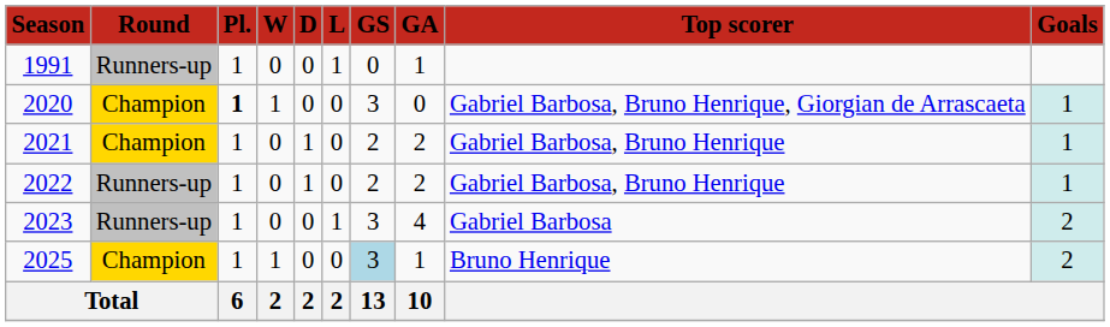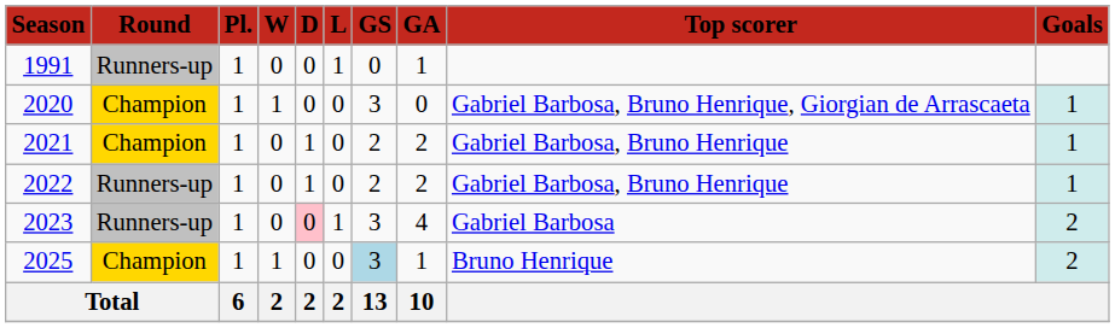 <table class="wikitable">
 <tr style="background:#C3281E; text-align:center;">
 <td><span><strong>Season</strong></span></td>
 <td><span><strong>Round</strong></span></td>
 <td><span><strong>Pl.</strong></span></td>
 <td><span><strong>W</strong></span></td>
 <td><span><strong>D</strong></span></td>
 <td><span><strong>L</strong></span></td>
 <td><span><strong>GS</strong></span></td>
 <td><span><strong>GA</strong></span></td>
 <td><span><strong>Top scorer</strong></span></td>
 <td><span><strong>Goals</strong></span></td>
 </tr>
 <tr>
 <td align=center><a href='#'>1991</a></td>
 <td align=center bgcolor="silver">Runners-up</td>
 <td align=center>1</td>
 <td align=center>0</td>
 <td align=center>0</td>
 <td align=center>1</td>
 <td align=center>0</td>
 <td align=center>1</td>
 <td align=left></td>
 <td align=center></td>
 </tr>
 <tr>
 <td align=center><a href='#'>2020</a></td>
 <td align=center bgcolor="Gold">Champion</td>
-<td align=center><strong>1</strong></td>
+<td align=center>1</td>
 <td align=center>1</td>
 <td align=center>0</td>
 <td align=center>0</td>
 <td align=center>3</td>
 <td align=center>0</td>
 <td align=left> <a href='#'>Gabriel Barbosa</a>,  <a href='#'>Bruno Henrique</a>,  <a href='#'>Giorgian de Arrascaeta</a></td>
 <td align=center bgcolor="#cfecec">1</td>
 </tr>
 <tr>
 <td align=center><a href='#'>2021</a></td>
 <td align=center bgcolor="Gold">Champion</td>
 <td align=center>1</td>
 <td align=center>0</td>
 <td align=center>1</td>
 <td align=center>0</td>
 <td align=center>2</td>
 <td align=center>2</td>
 <td align=left> <a href='#'>Gabriel Barbosa</a>,  <a href='#'>Bruno Henrique</a></td>
 <td align=center bgcolor="#cfecec">1</td>
 </tr>
 <tr>
 <td align=center><a href='#'>2022</a></td>
 <td align=center bgcolor="Silver">Runners-up</td>
 <td align=center>1</td>
 <td align=center>0</td>
 <td align=center>1</td>
 <td align=center>0</td>
 <td align=center>2</td>
 <td align=center>2</td>
 <td align=left> <a href='#'>Gabriel Barbosa</a>,  <a href='#'>Bruno Henrique</a></td>
 <td align=center bgcolor="#cfecec">1</td>
 </tr>
 <tr>
 <td align=center><a href='#'>2023</a></td>
 <td align=center bgcolor="Silver">Runners-up</td>
 <td align=center>1</td>
 <td align=center>0</td>
-<td align=center>0</td>
+<td align=center style="background: pink;">0</td>
 <td align=center>1</td>
 <td align=center>3</td>
 <td align=center>4</td>
 <td align=left> <a href='#'>Gabriel Barbosa</a></td>
 <td align=center bgcolor="#cfecec">2</td>
 </tr>
 <tr>
 <td align=center><a href='#'>2025</a></td>
 <td align=center bgcolor="Gold">Champion</td>
 <td align=center>1</td>
 <td align=center>1</td>
 <td align=center>0</td>
 <td align=center>0</td>
 <td align=center style="background: lightblue;">3</td>
 <td align=center>1</td>
 <td align=left> <a href='#'>Bruno Henrique</a></td>
 <td align=center bgcolor="#cfecec">2</td>
 </tr>
 <tr>
 <th colspan="2"><strong>Total</strong></th>
 <th align=center>6</th>
 <th align=center>2</th>
 <th align=center>2</th>
 <th align=center>2</th>
 <th align=center>13</th>
 <th align=center>10</th>
 <th colspan="2"></th>
 </tr>
 <tr>
 </tr>
 </table>
